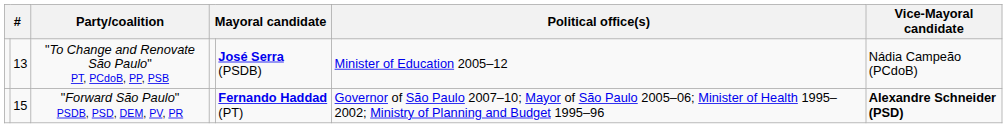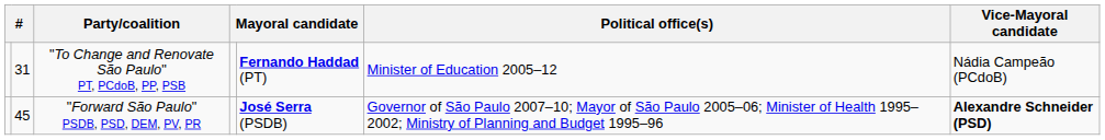 <table class="wikitable">
 <tr>
 <th colspan=2>#</th>
 <th>Party/coalition</th>
 <th colspan=2>Mayoral candidate</th>
 <th>Political office(s)</th>
 <th>Vice-Mayoral candidate</th>
 </tr>
 <tr>
 <td style="background:"></td>
-<td>13</td>
+<td>31</td>
 <td style="text-align:center;">"<em>To Change and Renovate São Paulo</em>"<br><small><a href='#'>PT</a>, <a href='#'>PCdoB</a>, <a href='#'>PP</a>, <a href='#'>PSB</a></small></td>
 <td></td>
-<td><strong><a href='#'>José Serra</a></strong> (PSDB)</td>
+<td><strong><a href='#'>Fernando Haddad</a></strong> (PT)</td>
 <td><a href='#'>Minister of Education</a> 2005–12</td>
 <td>Nádia Campeão (PCdoB)</td>
 </tr>
 <tr>
 <td style="background:"></td>
-<td>15</td>
+<td>45</td>
 <td style="text-align:center;">"<em>Forward São Paulo</em>"<br><small><a href='#'>PSDB</a>, <a href='#'>PSD</a>, <a href='#'>DEM</a>, <a href='#'>PV</a>, <a href='#'>PR</a></small></td>
 <td></td>
-<td><strong><a href='#'>Fernando Haddad</a></strong> (PT)</td>
+<td><strong><a href='#'>José Serra</a></strong> (PSDB)</td>
 <td><a href='#'>Governor</a> of <a href='#'>São Paulo</a> 2007–10; <a href='#'>Mayor</a> of <a href='#'>São Paulo</a> 2005–06; <a href='#'>Minister of Health</a> 1995–2002; <a href='#'>Ministry of Planning and Budget</a> 1995–96</td>
 <td><strong>Alexandre Schneider (PSD)</strong></td>
 </tr>
 </table>
